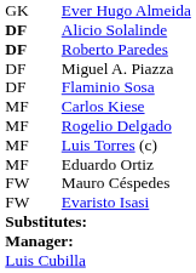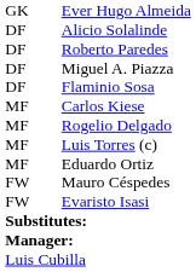 <table style="font-size:90%" cellspacing="0" cellpadding="0" align=center>
 <tr>
 <td colspan="4"></td>
 </tr>
 <tr>
 <th width=25></th>
 <th width=25></th>
 </tr>
 <tr>
 <td>GK</td>
 <td></td>
 <td> <a href='#'>Ever Hugo Almeida</a></td>
 </tr>
 <tr>
-<td><strong>DF</strong></td>
+<td>DF</td>
 <td></td>
 <td> <a href='#'>Alicio Solalinde</a></td>
 </tr>
 <tr>
-<td><strong>DF</strong></td>
+<td>DF</td>
 <td></td>
 <td> <a href='#'>Roberto Paredes</a></td>
 </tr>
 <tr>
 <td>DF</td>
 <td></td>
 <td> Miguel A. Piazza</td>
 </tr>
 <tr>
 <td>DF</td>
 <td></td>
 <td> <a href='#'>Flaminio Sosa</a></td>
 </tr>
 <tr>
 <td>MF</td>
 <td></td>
 <td> <a href='#'>Carlos Kiese</a></td>
 </tr>
 <tr>
 <td>MF</td>
 <td></td>
 <td> <a href='#'>Rogelio Delgado</a></td>
 </tr>
 <tr>
 <td>MF</td>
 <td></td>
 <td> <a href='#'>Luis Torres</a> (c)</td>
 </tr>
 <tr>
 <td>MF</td>
 <td></td>
 <td> Eduardo Ortiz</td>
 </tr>
 <tr>
 <td>FW</td>
 <td></td>
 <td> Mauro Céspedes</td>
 </tr>
 <tr>
 <td>FW</td>
 <td></td>
 <td> <a href='#'>Evaristo Isasi</a></td>
 </tr>
 <tr>
 <td colspan=3><strong>Substitutes:</strong></td>
 </tr>
 <tr>
 <td colspan=3><strong>Manager:</strong></td>
 </tr>
 <tr>
 <td colspan=4> <a href='#'>Luis Cubilla</a></td>
 </tr>
 </table>
